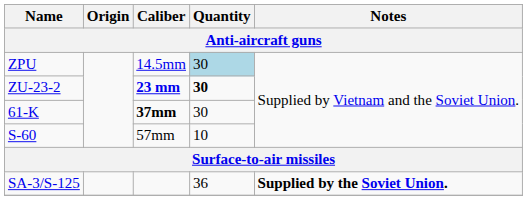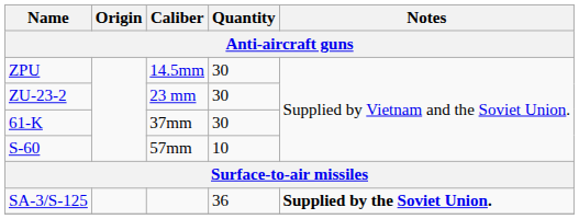 <table class="wikitable">
 <tr>
 <th>Name</th>
 <th>Origin</th>
 <th>Caliber</th>
 <th>Quantity</th>
 <th>Notes</th>
 </tr>
 <tr>
 <th colspan="7"><a href='#'>Anti-aircraft guns</a></th>
 </tr>
 <tr>
 <td><a href='#'>ZPU</a></td>
 <td rowspan="4"></td>
 <td><a href='#'>14.5mm</a></td>
-<td style="background: lightblue;">30</td>
+<td>30</td>
 <td rowspan="4">Supplied by <a href='#'>Vietnam</a> and the <a href='#'>Soviet Union</a>.</td>
 </tr>
 <tr>
 <td><a href='#'>ZU-23-2</a></td>
-<td><strong><a href='#'>23 mm</a></strong></td>
-<td><strong>30</strong></td>
+<td><a href='#'>23 mm</a></td>
+<td>30</td>
 </tr>
 <tr>
 <td><a href='#'>61-K</a></td>
-<td><strong>37mm</strong></td>
+<td>37mm</td>
 <td>30</td>
 </tr>
 <tr>
 <td><a href='#'>S-60</a></td>
 <td>57mm</td>
 <td>10</td>
 </tr>
 <tr>
 <th colspan="7"><a href='#'>Surface-to-air missiles</a></th>
 </tr>
 <tr>
 <td><a href='#'>SA-3/S-125</a></td>
 <td></td>
 <td></td>
 <td>36</td>
 <td><strong>Supplied by the <a href='#'>Soviet Union</a>.</strong></td>
 </tr>
 <tr>
 </tr>
 </table>
